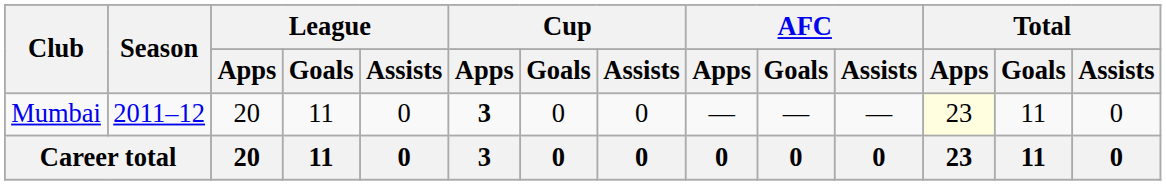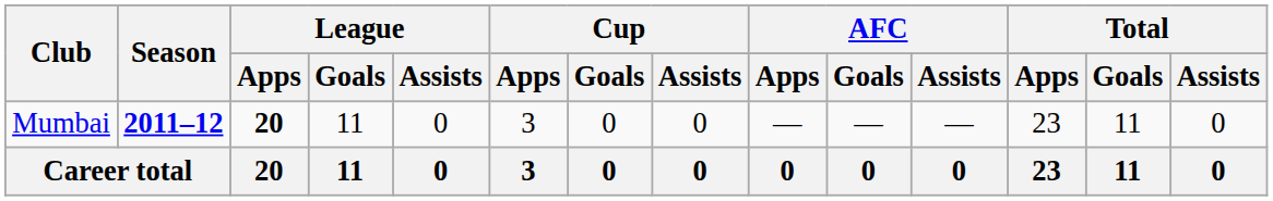 <table class="wikitable" style="font-size:90%; text-align:center;">
 <tr>
 <th rowspan="2">Club</th>
 <th rowspan="2">Season</th>
 <th colspan="3">League</th>
 <th colspan="3">Cup</th>
 <th colspan="3"><a href='#'>AFC</a></th>
 <th colspan="3">Total</th>
 </tr>
 <tr>
 <th>Apps</th>
 <th>Goals</th>
 <th>Assists</th>
 <th>Apps</th>
 <th>Goals</th>
 <th>Assists</th>
 <th>Apps</th>
 <th>Goals</th>
 <th>Assists</th>
 <th>Apps</th>
 <th>Goals</th>
 <th>Assists</th>
 </tr>
 <tr>
 <td rowspan="1"><a href='#'>Mumbai</a></td>
-<td><a href='#'>2011–12</a></td>
-<td>20</td>
+<td><strong><a href='#'>2011–12</a></strong></td>
+<td><strong>20</strong></td>
 <td>11</td>
 <td>0</td>
-<td><strong>3</strong></td>
+<td>3</td>
 <td>0</td>
 <td>0</td>
 <td>—</td>
 <td>—</td>
 <td>—</td>
-<td style="background: lightyellow;">23</td>
+<td>23</td>
 <td>11</td>
 <td>0</td>
 </tr>
 <tr>
 <th colspan="2">Career total</th>
 <th>20</th>
 <th>11</th>
 <th>0</th>
 <th>3</th>
 <th>0</th>
 <th>0</th>
 <th>0</th>
 <th>0</th>
 <th>0</th>
 <th>23</th>
 <th>11</th>
 <th>0</th>
 </tr>
 </table>
